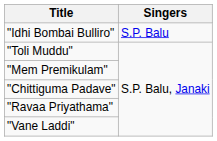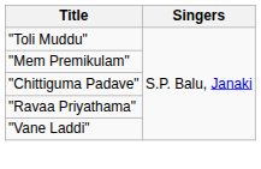 <table Class="wikitable sortable">
 <tr>
 <th>Title</th>
 <th>Singers</th>
-</tr>
-<tr>
-<td>"Idhi Bombai Bulliro"</td>
-<td><a href='#'>S.P. Balu</a></td>
 </tr>
 <tr>
 <td>"Toli Muddu"</td>
 <td rowspan="5">S.P. Balu, <a href='#'>Janaki</a></td>
 </tr>
 <tr>
 <td>"Mem Premikulam"</td>
 </tr>
 <tr>
 <td>"Chittiguma Padave"</td>
 </tr>
 <tr>
 <td>"Ravaa Priyathama"</td>
 </tr>
 <tr>
 <td>"Vane Laddi"</td>
 </tr>
 </table>
